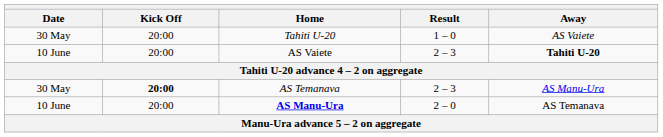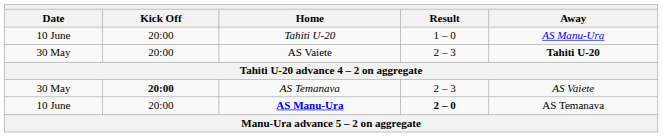 <table class="wikitable collapsible collapsed" style="font-size: 100%; margin:0px;" width="75%">
 <tr>
 <th colspan="7" style="text-align:left;"></th>
 </tr>
 <tr>
 <th><strong>Date</strong></th>
 <th><strong>Kick Off</strong></th>
 <th><strong>Home</strong></th>
 <th><strong>Result</strong></th>
 <th><strong>Away</strong></th>
 </tr>
 <tr>
-<td align=center>30 May</td>
+<td align=center>10 June</td>
 <td align=center>20:00</td>
 <td align=center><em>Tahiti U-20</em></td>
 <td align=center>1 – 0</td>
-<td align=center><em>AS Vaiete</em></td>
+<td align=center><em><a href='#'>AS Manu-Ura</a></em></td>
 </tr>
 <tr>
-<td align=center>10 June</td>
+<td align=center>30 May</td>
 <td align=center>20:00</td>
 <td align=center>AS Vaiete</td>
 <td align=center>2 – 3</td>
 <td align=center><strong>Tahiti U-20</strong></td>
 </tr>
 <tr>
 <th colspan="5">Tahiti U-20 advance 4 – 2 on aggregate</th>
 </tr>
 <tr>
 <td align=center>30 May</td>
 <td align=center><strong>20:00</strong></td>
 <td align=center><em>AS Temanava</em></td>
 <td align=center>2 – 3</td>
-<td align=center><em><a href='#'>AS Manu-Ura</a></em></td>
+<td align=center><em>AS Vaiete</em></td>
 </tr>
 <tr>
 <td align=center>10 June</td>
 <td align=center>20:00</td>
 <td align=center><strong><a href='#'>AS Manu-Ura</a></strong></td>
-<td align=center>2 – 0</td>
+<td align=center><strong>2 – 0</strong></td>
 <td align=center>AS Temanava</td>
 </tr>
 <tr>
 <th colspan="5">Manu-Ura advance 5 – 2 on aggregate</th>
 </tr>
 </table>
